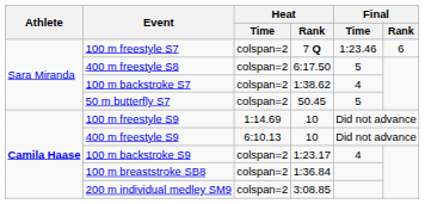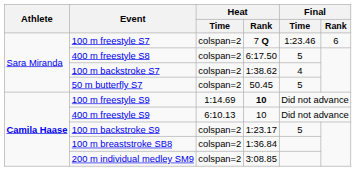 <table class=wikitable style=font-size:90%;text-align:center>
 <tr>
 <th rowspan=2>Athlete</th>
 <th rowspan=2>Event</th>
 <th colspan=2>Heat</th>
 <th colspan=2>Final</th>
 </tr>
 <tr style=font-size:95%>
 <th>Time</th>
 <th>Rank</th>
 <th>Time</th>
 <th>Rank</th>
 </tr>
 <tr align=center>
 <td align=left rowspan=4><a href='#'>Sara Miranda</a></td>
 <td align=left><a href='#'>100 m freestyle S7</a></td>
 <td>colspan=2 </td>
 <td>7 <strong>Q</strong></td>
 <td>1:23.46</td>
 <td>6</td>
 </tr>
 <tr align=center>
 <td align=left><a href='#'>400 m freestyle S8</a></td>
 <td>colspan=2 </td>
 <td>6:17.50</td>
 <td>5</td>
 </tr>
 <tr align=center>
 <td align=left><a href='#'>100 m backstroke S7</a></td>
 <td>colspan=2 </td>
 <td>1:38.62</td>
 <td>4</td>
 </tr>
 <tr align=center>
 <td align=left><a href='#'>50 m butterfly S7</a></td>
 <td>colspan=2 </td>
 <td>50.45</td>
 <td>5</td>
 </tr>
 <tr align=center>
 <td align=left rowspan=5><strong><a href='#'>Camila Haase</a></strong></td>
 <td align=left><a href='#'>100 m freestyle S9</a></td>
 <td>1:14.69</td>
-<td>10</td>
+<td><strong>10</strong></td>
 <td colspan=2>Did not advance</td>
 </tr>
 <tr align=center>
 <td align=left><a href='#'>400 m freestyle S9</a></td>
 <td>6:10.13</td>
 <td>10</td>
 <td colspan=2>Did not advance</td>
 </tr>
 <tr align=center>
 <td align=left><a href='#'>100 m backstroke S9</a></td>
 <td>colspan=2 </td>
 <td>1:23.17</td>
-<td>4</td>
+<td>5</td>
 </tr>
 <tr align=center>
 <td align=left><a href='#'>100 m breaststroke SB8</a></td>
 <td>colspan=2 </td>
 <td>1:36.84</td>
 <td></td>
 </tr>
 <tr align=center>
 <td align=left><a href='#'>200 m individual medley SM9</a></td>
 <td>colspan=2 </td>
 <td>3:08.85</td>
 <td></td>
 </tr>
 </table>
